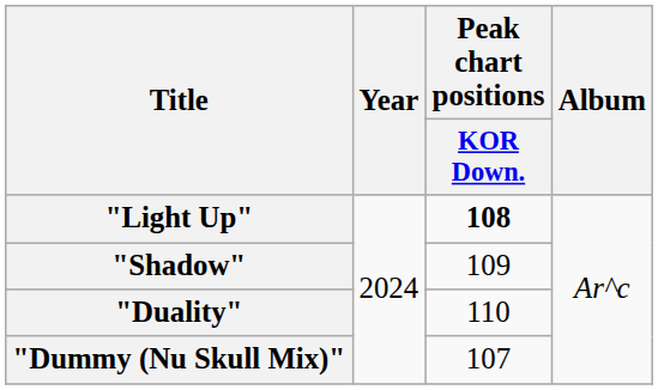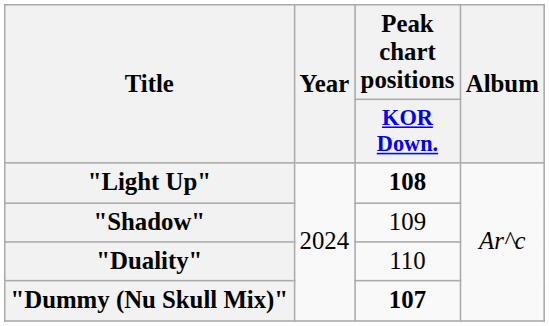 <table class="wikitable plainrowheaders" style="text-align:center">
 <tr>
 <th scope="col" rowspan="2">Title</th>
 <th scope="col" rowspan="2">Year</th>
 <th scope="col">Peak chart positions</th>
 <th scope="col" rowspan="2">Album</th>
 </tr>
 <tr>
 <th scope="col" style="font-size:90%; width:3em"><a href='#'>KOR<br>Down.</a><br></th>
 </tr>
 <tr>
 <th scope="row">"Light Up"</th>
 <td rowspan="4">2024</td>
 <td><strong>108</strong></td>
 <td rowspan="4"><em>Ar^c</em></td>
 </tr>
 <tr>
 <th scope="row">"Shadow"</th>
 <td>109</td>
 </tr>
 <tr>
 <th scope="row">"Duality"</th>
 <td>110</td>
 </tr>
 <tr>
 <th scope="row">"Dummy (Nu Skull Mix)"</th>
-<td>107</td>
+<td><strong>107</strong></td>
 </tr>
 </table>
